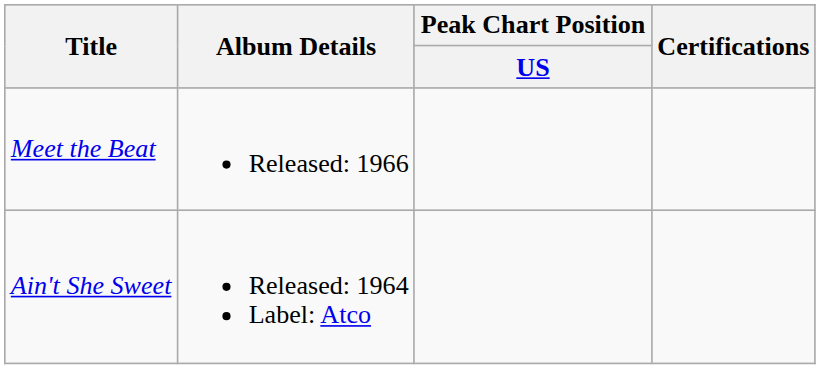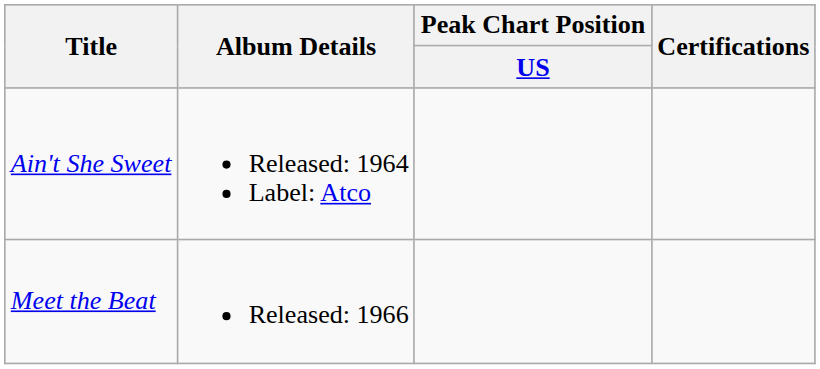 <table class="wikitable sortable">
 <tr>
 <th rowspan="2">Title</th>
 <th rowspan="2">Album Details</th>
 <th>Peak Chart Position</th>
 <th rowspan="2">Certifications</th>
 </tr>
 <tr>
 <th><a href='#'>US</a></th>
 </tr>
 <tr>
+<td><em><a href='#'>Ain't She Sweet</a></em></td>
+<td><br><ul><li>Released: 1964</li><li>Label: <a href='#'>Atco</a></li></ul></td>
+<td></td>
+<td></td>
+</tr>
+<tr>
 <td><em><a href='#'>Meet the Beat</a></em></td>
 <td><br><ul><li>Released: 1966</li></ul></td>
 <td></td>
 <td></td>
 </tr>
-<tr>
-<td><em><a href='#'>Ain't She Sweet</a></em></td>
-<td><br><ul><li>Released: 1964</li><li>Label: <a href='#'>Atco</a></li></ul></td>
-<td></td>
-<td></td>
-</tr>
 </table>
